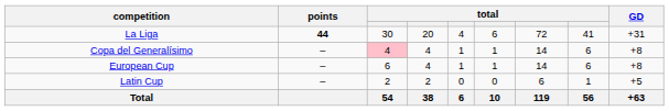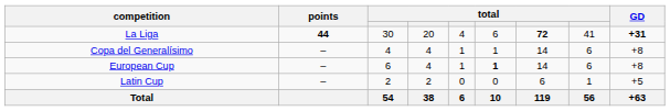 <table class="wikitable" style="font-size:90%;width:60%;float:left;text-align:center;">
 <tr>
 <th rowspan="2">competition</th>
 <th rowspan="2">points</th>
 <th colspan="6">total</th>
 <th rowspan="2"><a href='#'>GD</a></th>
 </tr>
 <tr>
 <th></th>
 <th></th>
 <th></th>
 <th></th>
 <th></th>
 <th></th>
 </tr>
 <tr>
 <td><a href='#'>La Liga</a></td>
 <td><strong>44</strong></td>
 <td>30</td>
 <td>20</td>
 <td>4</td>
 <td>6</td>
-<td>72</td>
+<td><strong>72</strong></td>
 <td>41</td>
-<td>+31</td>
+<td><strong>+31</strong></td>
 </tr>
 <tr>
 <td><a href='#'>Copa del Generalísimo</a></td>
 <td>–</td>
-<td style="background: pink;">4</td>
+<td>4</td>
 <td>4</td>
 <td>1</td>
 <td>1</td>
 <td>14</td>
 <td>6</td>
 <td>+8</td>
 </tr>
 <tr>
 <td><a href='#'>European Cup</a></td>
 <td>–</td>
 <td>6</td>
 <td>4</td>
 <td>1</td>
-<td>1</td>
+<td><strong>1</strong></td>
 <td>14</td>
 <td>6</td>
 <td>+8</td>
 </tr>
 <tr>
 <td><a href='#'>Latin Cup</a></td>
 <td>–</td>
 <td>2</td>
 <td>2</td>
 <td>0</td>
 <td>0</td>
 <td>6</td>
 <td>1</td>
 <td>+5</td>
 </tr>
 <tr>
 <th>Total</th>
 <th></th>
 <th>54</th>
 <th>38</th>
 <th>6</th>
 <th>10</th>
 <th>119</th>
 <th>56</th>
 <th>+63</th>
 </tr>
 </table>
